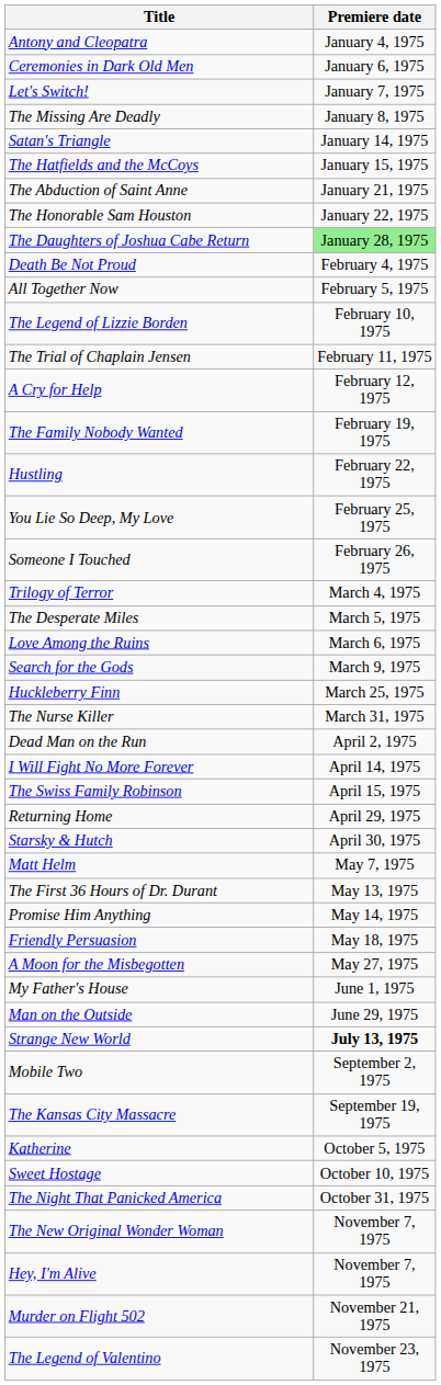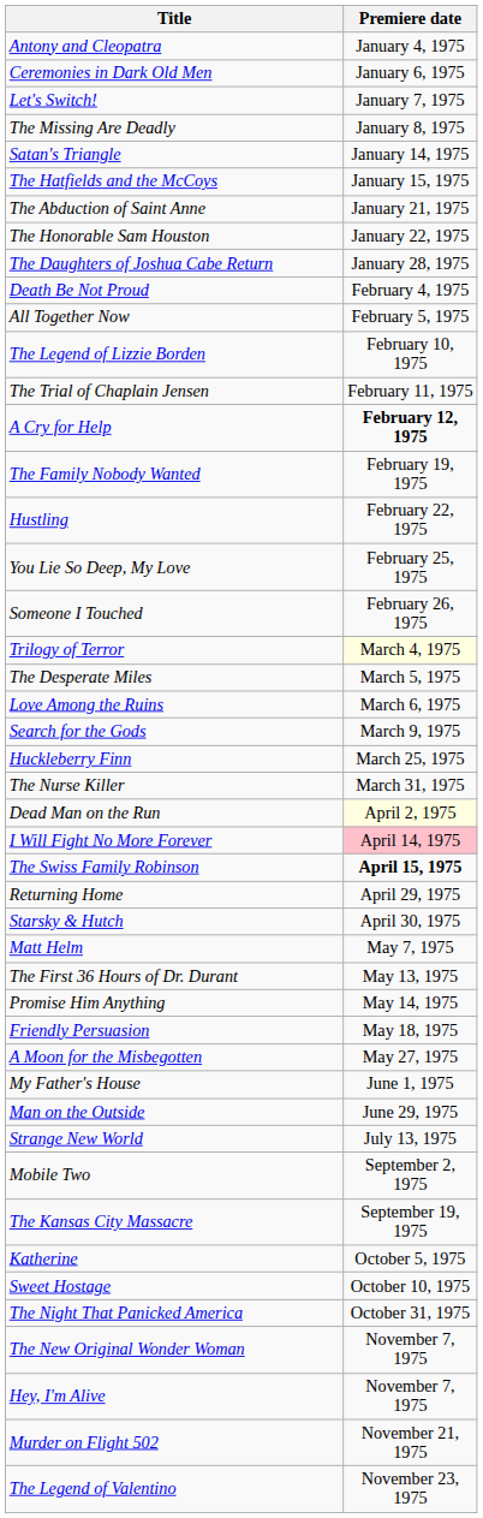 <table class="wikitable plainrowheaders sortable" style="width:50%;text-align:center;">
 <tr>
 <th scope="col" style="width:40%;">Title</th>
 <th scope="col" style="width:14%;">Premiere date</th>
 </tr>
 <tr>
 <td scope="row" style="text-align:left;"><em><a href='#'>Antony and Cleopatra</a></em></td>
 <td>January 4, 1975</td>
 </tr>
 <tr>
 <td scope="row" style="text-align:left;"><em><a href='#'>Ceremonies in Dark Old Men</a></em></td>
 <td>January 6, 1975</td>
 </tr>
 <tr>
 <td scope="row" style="text-align:left;"><em><a href='#'>Let's Switch!</a></em></td>
 <td>January 7, 1975</td>
 </tr>
 <tr>
 <td scope="row" style="text-align:left;"><em>The Missing Are Deadly</em></td>
 <td>January 8, 1975</td>
 </tr>
 <tr>
 <td scope="row" style="text-align:left;"><em><a href='#'>Satan's Triangle</a></em></td>
 <td>January 14, 1975</td>
 </tr>
 <tr>
 <td scope="row" style="text-align:left;"><em><a href='#'>The Hatfields and the McCoys</a></em></td>
 <td>January 15, 1975</td>
 </tr>
 <tr>
 <td scope="row" style="text-align:left;"><em>The Abduction of Saint Anne</em></td>
 <td>January 21, 1975</td>
 </tr>
 <tr>
 <td scope="row" style="text-align:left;"><em>The Honorable Sam Houston</em></td>
 <td>January 22, 1975</td>
 </tr>
 <tr>
 <td scope="row" style="text-align:left;"><em><a href='#'>The Daughters of Joshua Cabe Return</a></em></td>
-<td style="background: lightgreen;">January 28, 1975</td>
+<td>January 28, 1975</td>
 </tr>
 <tr>
 <td scope="row" style="text-align:left;"><em><a href='#'>Death Be Not Proud</a></em></td>
 <td>February 4, 1975</td>
 </tr>
 <tr>
 <td scope="row" style="text-align:left;"><em>All Together Now</em></td>
 <td>February 5, 1975</td>
 </tr>
 <tr>
 <td scope="row" style="text-align:left;"><em><a href='#'>The Legend of Lizzie Borden</a></em></td>
 <td>February 10, 1975</td>
 </tr>
 <tr>
 <td scope="row" style="text-align:left;"><em>The Trial of Chaplain Jensen</em></td>
 <td>February 11, 1975</td>
 </tr>
 <tr>
 <td scope="row" style="text-align:left;"><em><a href='#'>A Cry for Help</a></em></td>
-<td>February 12, 1975</td>
+<td><strong>February 12, 1975</strong></td>
 </tr>
 <tr>
 <td scope="row" style="text-align:left;"><em><a href='#'>The Family Nobody Wanted</a></em></td>
 <td>February 19, 1975</td>
 </tr>
 <tr>
 <td scope="row" style="text-align:left;"><em><a href='#'>Hustling</a></em></td>
 <td>February 22, 1975</td>
 </tr>
 <tr>
 <td scope="row" style="text-align:left;"><em>You Lie So Deep, My Love</em></td>
 <td>February 25, 1975</td>
 </tr>
 <tr>
 <td scope="row" style="text-align:left;"><em>Someone I Touched</em></td>
 <td>February 26, 1975</td>
 </tr>
 <tr>
 <td scope="row" style="text-align:left;"><em><a href='#'>Trilogy of Terror</a></em></td>
-<td>March 4, 1975</td>
+<td style="background: lightyellow;">March 4, 1975</td>
 </tr>
 <tr>
 <td scope="row" style="text-align:left;"><em>The Desperate Miles</em></td>
 <td>March 5, 1975</td>
 </tr>
 <tr>
 <td scope="row" style="text-align:left;"><em><a href='#'>Love Among the Ruins</a></em></td>
 <td>March 6, 1975</td>
 </tr>
 <tr>
 <td scope="row" style="text-align:left;"><em><a href='#'>Search for the Gods</a></em></td>
 <td>March 9, 1975</td>
 </tr>
 <tr>
 <td scope="row" style="text-align:left;"><em><a href='#'>Huckleberry Finn</a></em></td>
 <td>March 25, 1975</td>
 </tr>
 <tr>
 <td scope="row" style="text-align:left;"><em>The Nurse Killer</em></td>
 <td>March 31, 1975</td>
 </tr>
 <tr>
 <td scope="row" style="text-align:left;"><em>Dead Man on the Run</em></td>
-<td>April 2, 1975</td>
+<td style="background: lightyellow;">April 2, 1975</td>
 </tr>
 <tr>
 <td scope="row" style="text-align:left;"><em><a href='#'>I Will Fight No More Forever</a></em></td>
-<td>April 14, 1975</td>
+<td style="background: pink;">April 14, 1975</td>
 </tr>
 <tr>
 <td scope="row" style="text-align:left;"><em><a href='#'>The Swiss Family Robinson</a></em></td>
-<td>April 15, 1975</td>
+<td><strong>April 15, 1975</strong></td>
 </tr>
 <tr>
 <td scope="row" style="text-align:left;"><em>Returning Home</em></td>
 <td>April 29, 1975</td>
 </tr>
 <tr>
 <td scope="row" style="text-align:left;"><em><a href='#'>Starsky & Hutch</a></em></td>
 <td>April 30, 1975</td>
 </tr>
 <tr>
 <td scope="row" style="text-align:left;"><em><a href='#'>Matt Helm</a></em></td>
 <td>May 7, 1975</td>
 </tr>
 <tr>
 <td scope="row" style="text-align:left;"><em>The First 36 Hours of Dr. Durant</em></td>
 <td>May 13, 1975</td>
 </tr>
 <tr>
 <td scope="row" style="text-align:left;"><em>Promise Him Anything</em></td>
 <td>May 14, 1975</td>
 </tr>
 <tr>
 <td scope="row" style="text-align:left;"><em><a href='#'>Friendly Persuasion</a></em></td>
 <td>May 18, 1975</td>
 </tr>
 <tr>
 <td scope="row" style="text-align:left;"><em><a href='#'>A Moon for the Misbegotten</a></em></td>
 <td>May 27, 1975</td>
 </tr>
 <tr>
 <td scope="row" style="text-align:left;"><em>My Father's House</em></td>
 <td>June 1, 1975</td>
 </tr>
 <tr>
 <td scope="row" style="text-align:left;"><em><a href='#'>Man on the Outside</a></em></td>
 <td>June 29, 1975</td>
 </tr>
 <tr>
 <td scope="row" style="text-align:left;"><em><a href='#'>Strange New World</a></em></td>
-<td><strong>July 13, 1975</strong></td>
+<td>July 13, 1975</td>
 </tr>
 <tr>
 <td scope="row" style="text-align:left;"><em>Mobile Two</em></td>
 <td>September 2, 1975</td>
 </tr>
 <tr>
 <td scope="row" style="text-align:left;"><em><a href='#'>The Kansas City Massacre</a></em></td>
 <td>September 19, 1975</td>
 </tr>
 <tr>
 <td scope="row" style="text-align:left;"><em><a href='#'>Katherine</a></em></td>
 <td>October 5, 1975</td>
 </tr>
 <tr>
 <td scope="row" style="text-align:left;"><em><a href='#'>Sweet Hostage</a></em></td>
 <td>October 10, 1975</td>
 </tr>
 <tr>
 <td scope="row" style="text-align:left;"><em><a href='#'>The Night That Panicked America</a></em></td>
 <td>October 31, 1975</td>
 </tr>
 <tr>
 <td scope="row" style="text-align:left;"><em><a href='#'>The New Original Wonder Woman</a></em></td>
 <td>November 7, 1975</td>
 </tr>
 <tr>
 <td scope="row" style="text-align:left;"><em><a href='#'>Hey, I'm Alive</a></em></td>
 <td>November 7, 1975</td>
 </tr>
 <tr>
 <td scope="row" style="text-align:left;"><em><a href='#'>Murder on Flight 502</a></em></td>
 <td>November 21, 1975</td>
 </tr>
 <tr>
 <td scope="row" style="text-align:left;"><em><a href='#'>The Legend of Valentino</a></em></td>
 <td>November 23, 1975</td>
 </tr>
 </table>
